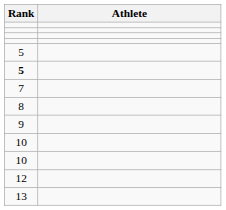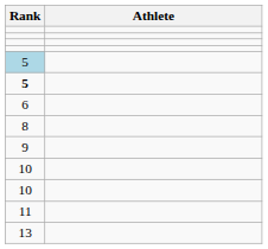 <table class="wikitable" style="text-align: center;">
 <tr>
 <th width=40>Rank</th>
 <th width=250>Athlete</th>
 </tr>
 <tr>
 <td></td>
 <td align="left"></td>
 </tr>
 <tr>
 <td></td>
 <td align="left"></td>
 </tr>
 <tr>
 <td></td>
 <td align="left"></td>
 </tr>
 <tr>
 <td></td>
 <td align="left"></td>
 </tr>
 <tr>
-<td>5</td>
+<td style="background: lightblue;">5</td>
 <td align="left"></td>
 </tr>
 <tr>
 <td><strong>5</strong></td>
 <td align="left"></td>
 </tr>
 <tr>
-<td>7</td>
+<td>6</td>
 <td align="left"></td>
 </tr>
 <tr>
 <td>8</td>
 <td align="left"></td>
 </tr>
 <tr>
 <td>9</td>
 <td align="left"></td>
 </tr>
 <tr>
 <td>10</td>
 <td align="left"></td>
 </tr>
 <tr>
 <td>10</td>
 <td align="left"></td>
 </tr>
 <tr>
-<td>12</td>
+<td>11</td>
 <td align="left"></td>
 </tr>
 <tr>
 <td>13</td>
 <td align="left"></td>
 </tr>
 </table>
